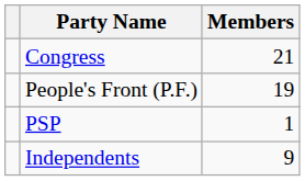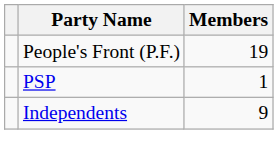 <table class="wikitable Sortable" border="2">
 <tr valign="top">
 <th></th>
 <th>Party Name</th>
 <th>Members</th>
-</tr>
-<tr>
-<td style="background-color:"> </td>
-<td style="text-align:left;"><a href='#'>Congress</a></td>
-<td align="right">21</td>
 </tr>
 <tr>
 <td style="background-color:"> </td>
 <td style="text-align:left;">People's Front (P.F.)</td>
 <td align="right">19</td>
 </tr>
 <tr>
 <td style="background-color:"> </td>
 <td style="text-align:left;"><a href='#'>PSP</a></td>
 <td align="right">1</td>
 </tr>
 <tr>
 <td style="background-color:"> </td>
 <td style="text-align:left;"><a href='#'>Independents</a></td>
 <td align="right">9</td>
 </tr>
 </table>
